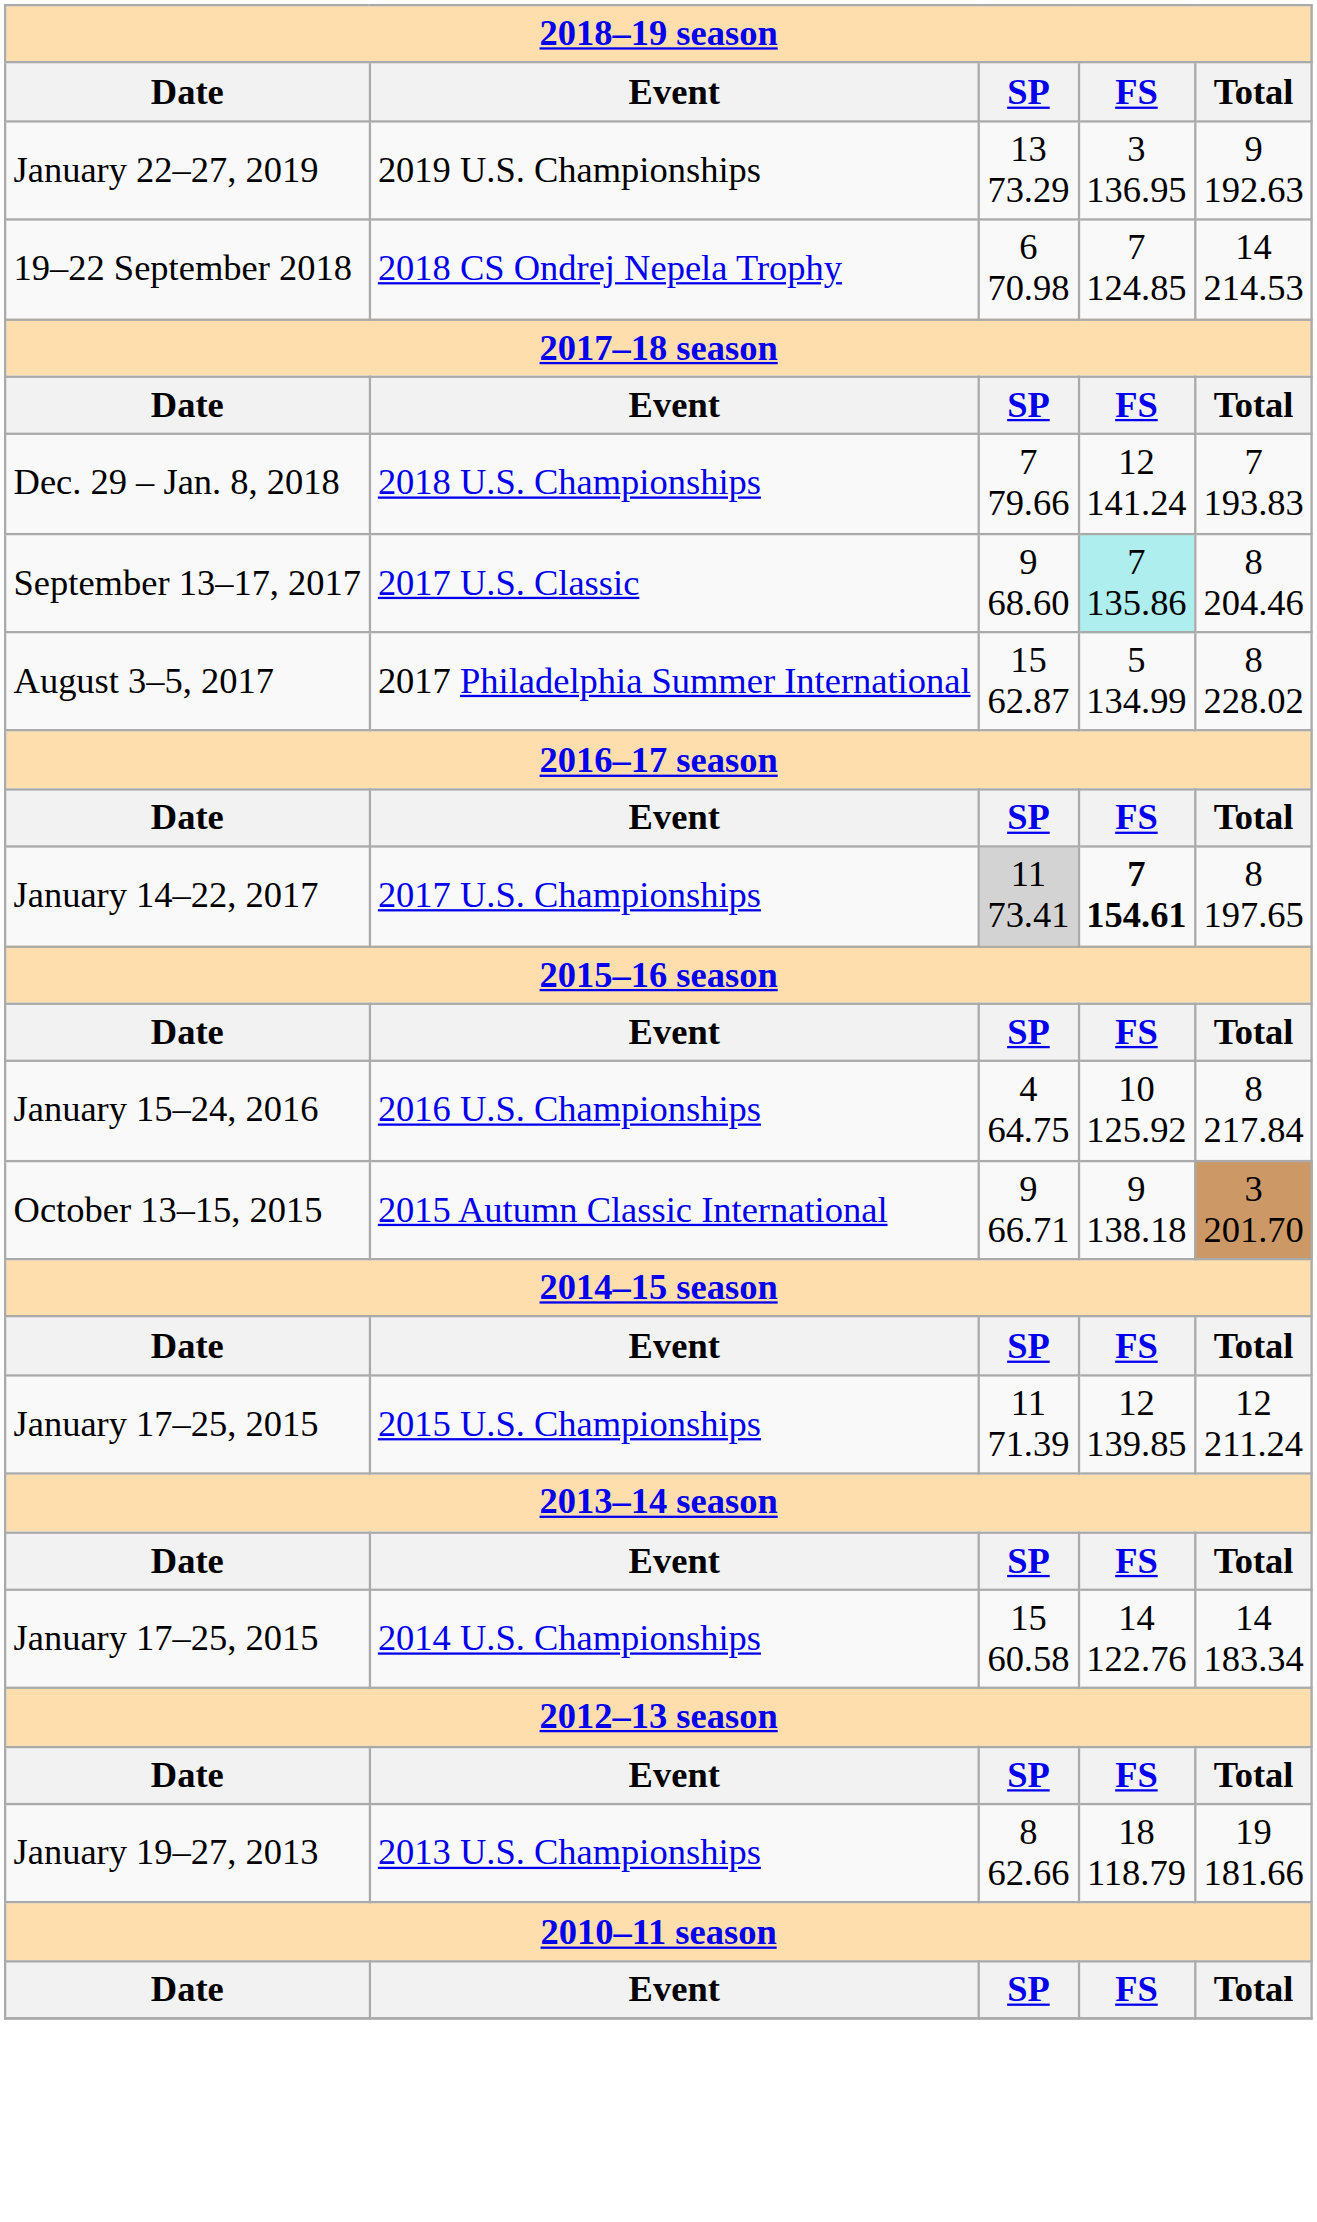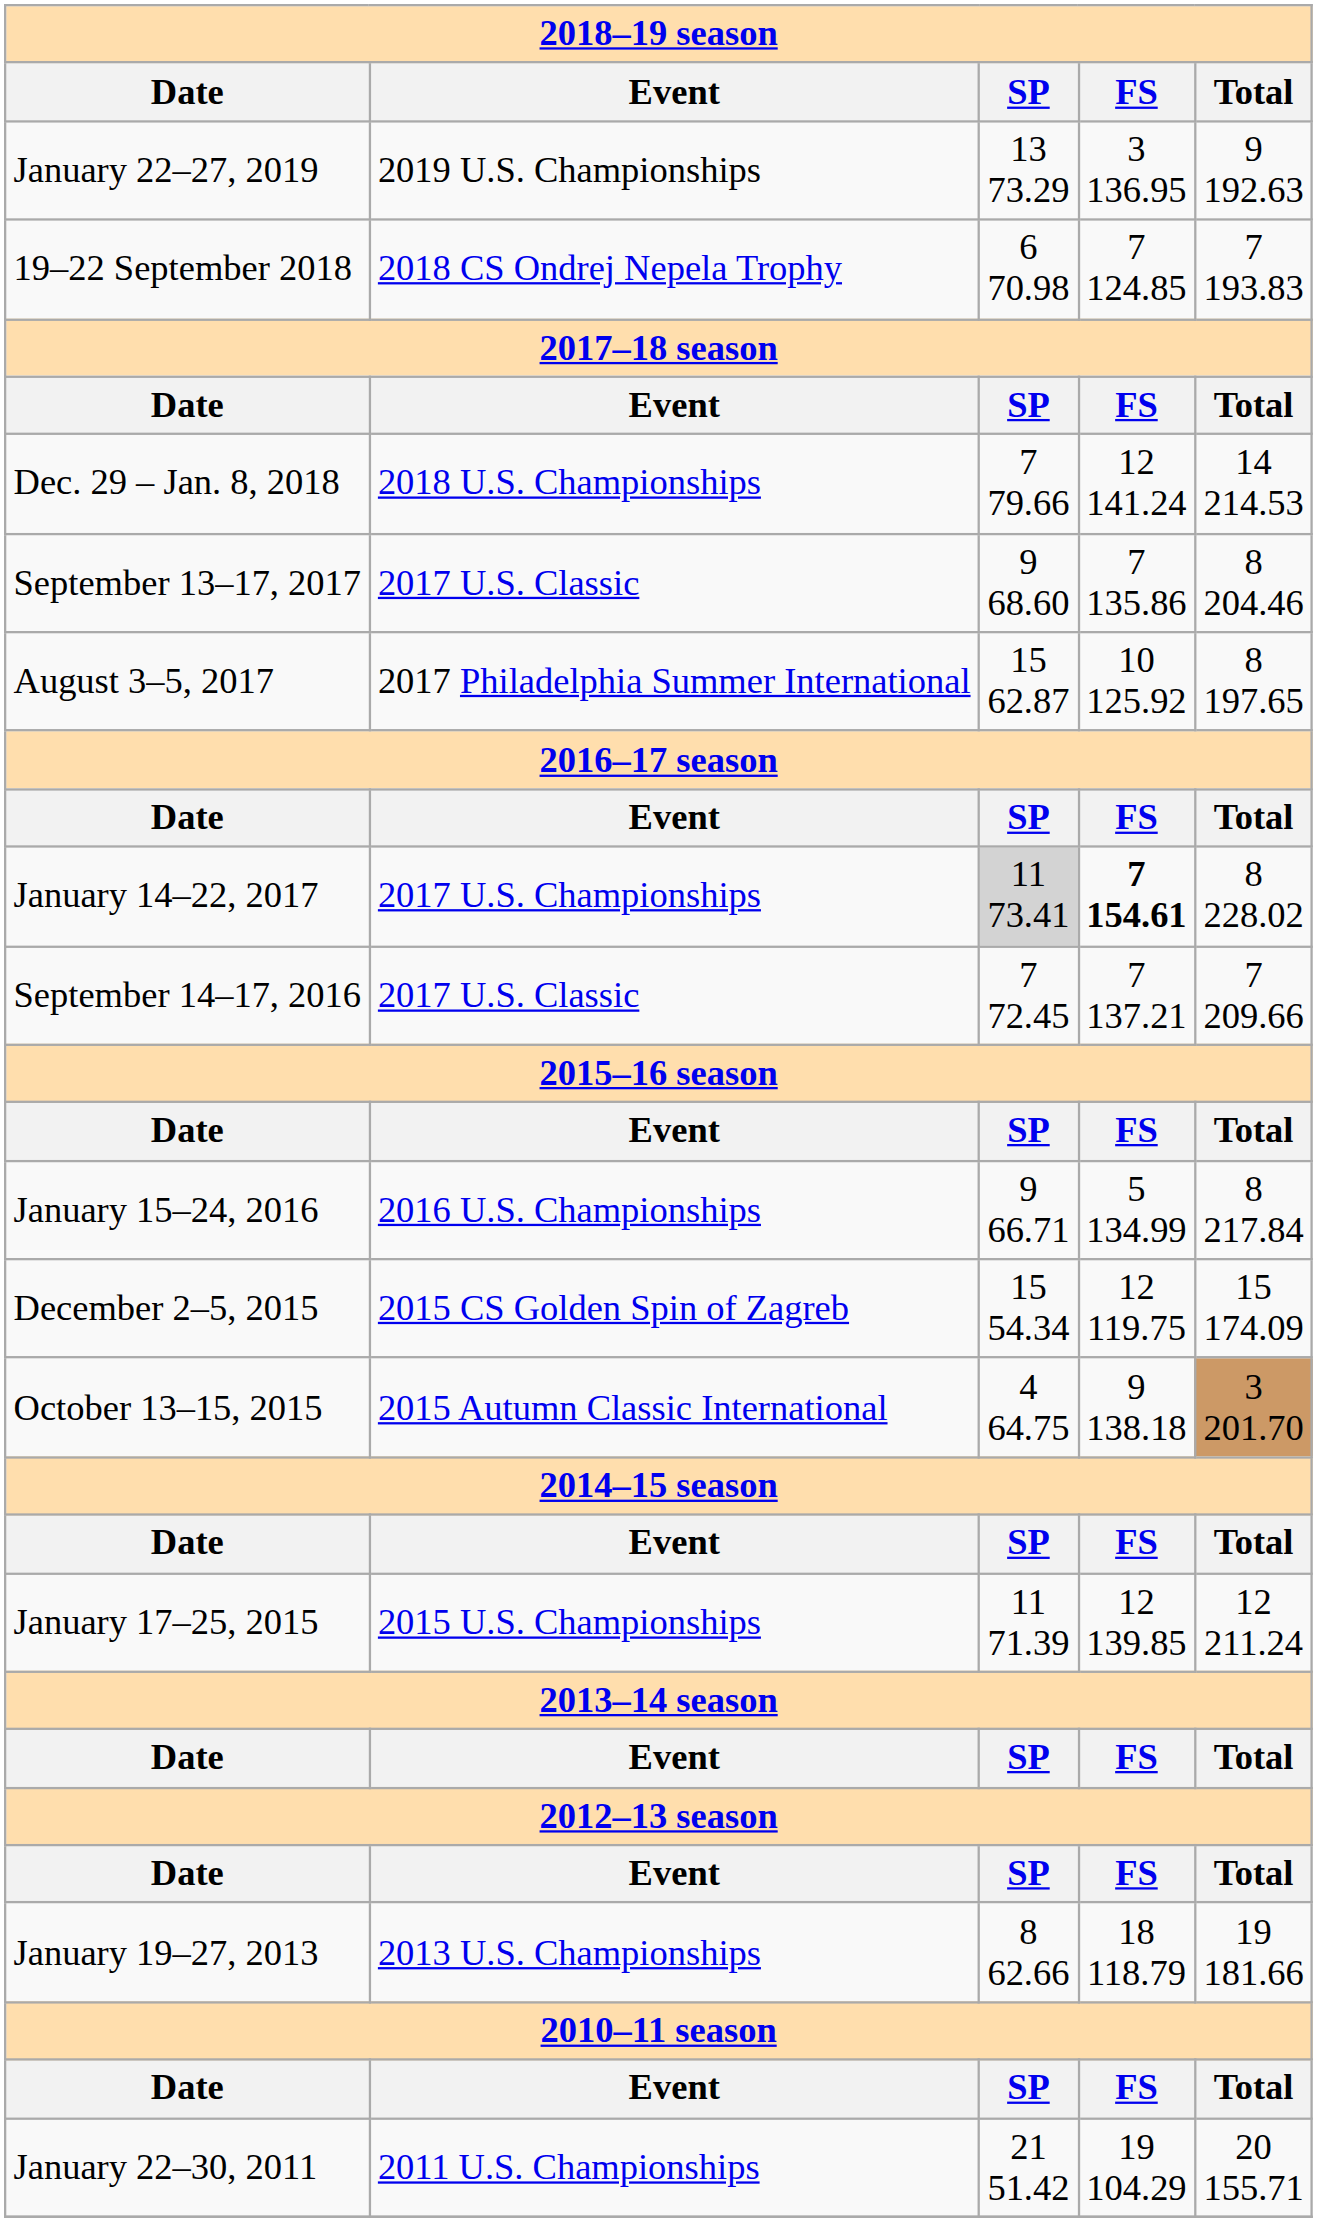 <table class="wikitable">
 <tr>
 <th style="background-color: #ffdead;" colspan=5 align="center"><strong><a href='#'>2018–19 season</a></strong></th>
 </tr>
 <tr>
 <th>Date</th>
 <th>Event</th>
 <th><a href='#'>SP</a></th>
 <th><a href='#'>FS</a></th>
 <th>Total</th>
 </tr>
 <tr>
 <td>January 22–27, 2019</td>
 <td>2019 U.S. Championships</td>
 <td align=center>13 <br> 73.29</td>
 <td align=center>3 <br> 136.95</td>
 <td align=center>9 <br> 192.63</td>
 </tr>
 <tr>
 <td>19–22 September 2018</td>
 <td><a href='#'>2018 CS Ondrej Nepela Trophy</a></td>
 <td align=center>6 <br> 70.98</td>
 <td align=center>7 <br> 124.85</td>
-<td align=center>14 <br> 214.53</td>
+<td align=center>7 <br> 193.83</td>
 </tr>
 <tr>
 <th style="background-color: #ffdead;" colspan=5 align="center"><strong><a href='#'>2017–18 season</a></strong></th>
 </tr>
 <tr>
 <th>Date</th>
 <th>Event</th>
 <th><a href='#'>SP</a></th>
 <th><a href='#'>FS</a></th>
 <th>Total</th>
 </tr>
 <tr>
 <td>Dec. 29 – Jan. 8, 2018</td>
 <td><a href='#'>2018 U.S. Championships</a></td>
 <td align=center>7<br>79.66</td>
 <td align=center>12 <br> 141.24</td>
-<td align=center>7 <br> 193.83</td>
+<td align=center>14 <br> 214.53</td>
 </tr>
 <tr>
 <td>September 13–17, 2017</td>
 <td><a href='#'>2017 U.S. Classic</a></td>
 <td align=center>9 <br> 68.60</td>
-<td align=center style="background: paleturquoise;">7 <br> 135.86</td>
+<td align=center>7 <br> 135.86</td>
 <td align=center>8 <br> 204.46</td>
 </tr>
 <tr>
 <td>August 3–5, 2017</td>
 <td>2017 <a href='#'>Philadelphia Summer International</a></td>
 <td align=center>15 <br> 62.87</td>
-<td align=center>5 <br> 134.99</td>
-<td align=center>8 <br> 228.02</td>
+<td align=center>10 <br> 125.92</td>
+<td align="center">8 <br> 197.65</td>
 </tr>
 <tr>
 <th style="background-color: #ffdead;" colspan=5 align="center"><strong><a href='#'>2016–17 season</a></strong></th>
 </tr>
 <tr>
 <th>Date</th>
 <th>Event</th>
 <th><a href='#'>SP</a></th>
 <th><a href='#'>FS</a></th>
 <th>Total</th>
 </tr>
 <tr>
 <td>January 14–22, 2017</td>
 <td><a href='#'>2017 U.S. Championships</a></td>
 <td align=center style="background: lightgrey;">11 <br> 73.41</td>
 <td align=center><strong>7 <br> 154.61</strong></td>
-<td align="center">8 <br> 197.65</td>
+<td align=center>8 <br> 228.02</td>
+</tr>
+<tr>
+<td>September 14–17, 2016</td>
+<td><a href='#'>2017 U.S. Classic</a></td>
+<td align=center>7 <br> 72.45</td>
+<td align=center>7 <br> 137.21</td>
+<td align=center>7 <br> 209.66</td>
 </tr>
 <tr>
 <th style="background-color: #ffdead;" colspan=5 align="center"><strong><a href='#'>2015–16 season</a></strong></th>
 </tr>
 <tr>
 <th>Date</th>
 <th>Event</th>
 <th><a href='#'>SP</a></th>
 <th><a href='#'>FS</a></th>
 <th>Total</th>
 </tr>
 <tr>
 <td>January 15–24, 2016</td>
 <td><a href='#'>2016 U.S. Championships</a></td>
-<td align=center>4 <br> 64.75</td>
-<td align=center>10 <br> 125.92</td>
+<td align=center>9 <br> 66.71</td>
+<td align=center>5 <br> 134.99</td>
 <td align=center>8<br>217.84</td>
+</tr>
+<tr>
+<td>December 2–5, 2015</td>
+<td><a href='#'>2015 CS Golden Spin of Zagreb</a></td>
+<td align=center>15 <br> 54.34</td>
+<td align=center>12 <br> 119.75</td>
+<td align=center>15 <br> 174.09</td>
 </tr>
 <tr>
 <td>October 13–15, 2015</td>
 <td><a href='#'>2015 Autumn Classic International</a></td>
-<td align=center>9 <br> 66.71</td>
+<td align=center>4 <br> 64.75</td>
 <td align=center>9<br>138.18</td>
 <td align=center bgcolor=cc9966>3 <br> 201.70</td>
 </tr>
 <tr>
 <th style="background-color: #ffdead;" colspan=5 align="center"><strong><a href='#'>2014–15 season</a></strong></th>
 </tr>
 <tr>
 <th>Date</th>
 <th>Event</th>
 <th><a href='#'>SP</a></th>
 <th><a href='#'>FS</a></th>
 <th>Total</th>
 </tr>
 <tr>
 <td>January 17–25, 2015</td>
 <td><a href='#'>2015 U.S. Championships</a></td>
 <td align=center>11 <br> 71.39</td>
 <td align=center>12 <br> 139.85</td>
 <td align=center>12 <br> 211.24</td>
 </tr>
 <tr>
 <th style="background-color: #ffdead;" colspan=5 align="center"><strong><a href='#'>2013–14 season</a></strong></th>
 </tr>
 <tr>
 <th>Date</th>
 <th>Event</th>
 <th><a href='#'>SP</a></th>
 <th><a href='#'>FS</a></th>
 <th>Total</th>
 </tr>
 <tr>
-<td>January 17–25, 2015</td>
-<td><a href='#'>2014 U.S. Championships</a></td>
-<td align=center>15 <br> 60.58</td>
-<td align=center>14 <br> 122.76</td>
-<td align=center>14 <br> 183.34</td>
-</tr>
-<tr>
 <th style="background-color: #ffdead;" colspan=5 align="center"><strong><a href='#'>2012–13 season</a></strong></th>
 </tr>
 <tr>
 <th>Date</th>
 <th>Event</th>
 <th><a href='#'>SP</a></th>
 <th><a href='#'>FS</a></th>
 <th>Total</th>
 </tr>
 <tr>
 <td>January 19–27, 2013</td>
 <td><a href='#'>2013 U.S. Championships</a></td>
 <td align=center>8 <br> 62.66</td>
 <td align=center>18 <br> 118.79</td>
 <td align=center>19 <br> 181.66</td>
 </tr>
 <tr>
 <th style="background-color: #ffdead;" colspan=5 align="center"><strong><a href='#'>2010–11 season</a></strong></th>
 </tr>
 <tr>
 <th>Date</th>
 <th>Event</th>
 <th><a href='#'>SP</a></th>
 <th><a href='#'>FS</a></th>
 <th>Total</th>
 </tr>
 <tr>
+<td>January 22–30, 2011</td>
+<td><a href='#'>2011 U.S. Championships</a></td>
+<td align=center>21 <br> 51.42</td>
+<td align=center>19 <br> 104.29</td>
+<td align=center>20 <br> 155.71</td>
+</tr>
+<tr>
 </tr>
 </table>
